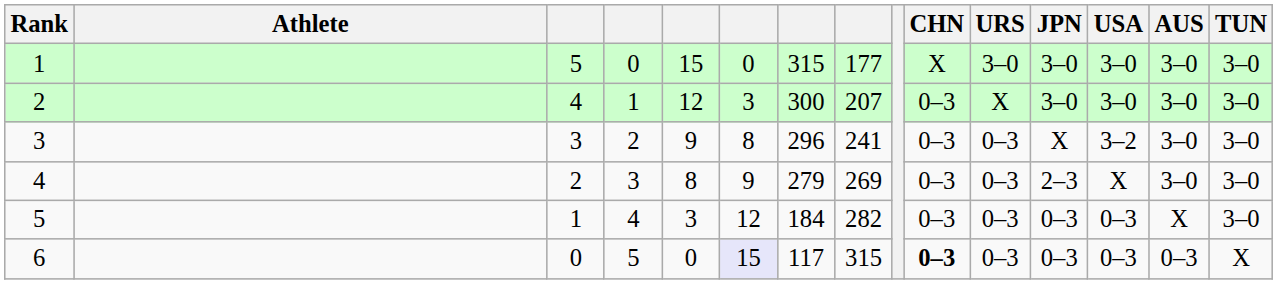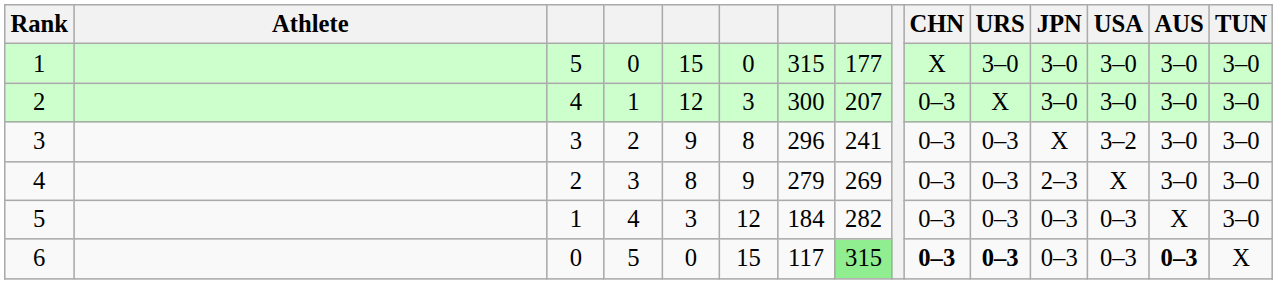 <table class="wikitable" style="text-align:center">
 <tr>
 <th>Rank</th>
 <th width=300>Athlete</th>
 <th width=30></th>
 <th width=30></th>
 <th width=30></th>
 <th width=30></th>
 <th width=30></th>
 <th width=30></th>
 <th rowspan=7></th>
 <th width=30>CHN</th>
 <th width=30>URS</th>
 <th width=30>JPN</th>
 <th width=30>USA</th>
 <th width=30>AUS</th>
 <th width=30>TUN</th>
 </tr>
 <tr style="background-color:#ccffcc;">
 <td>1</td>
 <td align=left></td>
 <td>5</td>
 <td>0</td>
 <td>15</td>
 <td>0</td>
 <td>315</td>
 <td>177</td>
 <td>X</td>
 <td>3–0</td>
 <td>3–0</td>
 <td>3–0</td>
 <td>3–0</td>
 <td>3–0</td>
 </tr>
 <tr style="background-color:#ccffcc;">
 <td>2</td>
 <td align=left></td>
 <td>4</td>
 <td>1</td>
 <td>12</td>
 <td>3</td>
 <td>300</td>
 <td>207</td>
 <td>0–3</td>
 <td>X</td>
 <td>3–0</td>
 <td>3–0</td>
 <td>3–0</td>
 <td>3–0</td>
 </tr>
 <tr>
 <td>3</td>
 <td align=left></td>
 <td>3</td>
 <td>2</td>
 <td>9</td>
 <td>8</td>
 <td>296</td>
 <td>241</td>
 <td>0–3</td>
 <td>0–3</td>
 <td>X</td>
 <td>3–2</td>
 <td>3–0</td>
 <td>3–0</td>
 </tr>
 <tr>
 <td>4</td>
 <td align=left></td>
 <td>2</td>
 <td>3</td>
 <td>8</td>
 <td>9</td>
 <td>279</td>
 <td>269</td>
 <td>0–3</td>
 <td>0–3</td>
 <td>2–3</td>
 <td>X</td>
 <td>3–0</td>
 <td>3–0</td>
 </tr>
 <tr>
 <td>5</td>
 <td align=left></td>
 <td>1</td>
 <td>4</td>
 <td>3</td>
 <td>12</td>
 <td>184</td>
 <td>282</td>
 <td>0–3</td>
 <td>0–3</td>
 <td>0–3</td>
 <td>0–3</td>
 <td>X</td>
 <td>3–0</td>
 </tr>
 <tr>
 <td>6</td>
 <td align=left></td>
 <td>0</td>
 <td>5</td>
 <td>0</td>
-<td style="background: lavender;">15</td>
+<td>15</td>
 <td>117</td>
-<td>315</td>
+<td style="background: lightgreen;">315</td>
+<td><strong>0–3</strong></td>
 <td><strong>0–3</strong></td>
 <td>0–3</td>
 <td>0–3</td>
-<td>0–3</td>
-<td>0–3</td>
+<td><strong>0–3</strong></td>
 <td>X</td>
 </tr>
 </table>
